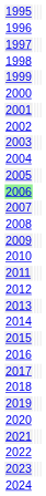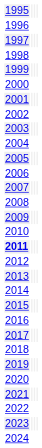 <table>
 <tr bgcolor="#EFEFEF">
 <td><a href='#'>1995</a></td>
 <td></td>
 <td></td>
 <td></td>
 </tr>
 <tr>
 <td><a href='#'>1996</a></td>
 <td></td>
 <td></td>
 <td></td>
 </tr>
 <tr bgcolor="#EFEFEF">
 <td><a href='#'>1997</a></td>
 <td></td>
 <td></td>
 <td></td>
 </tr>
 <tr>
 <td><a href='#'>1998</a></td>
 <td></td>
 <td></td>
 <td></td>
 </tr>
 <tr bgcolor="#EFEFEF">
 <td><a href='#'>1999</a></td>
 <td></td>
 <td></td>
 <td></td>
 </tr>
 <tr>
 <td><a href='#'>2000</a></td>
 <td></td>
 <td></td>
 <td></td>
 </tr>
 <tr bgcolor="#EFEFEF">
 <td><a href='#'>2001</a></td>
 <td></td>
 <td></td>
 <td></td>
 </tr>
 <tr>
 <td><a href='#'>2002</a></td>
 <td></td>
 <td></td>
 <td></td>
 </tr>
 <tr bgcolor="#EFEFEF">
 <td><a href='#'>2003</a></td>
 <td></td>
 <td></td>
 <td></td>
 </tr>
 <tr>
 <td><a href='#'>2004</a></td>
 <td></td>
 <td></td>
 <td></td>
 </tr>
 <tr bgcolor="#EFEFEF">
 <td><a href='#'>2005</a></td>
 <td></td>
 <td></td>
 <td></td>
 </tr>
 <tr>
-<td style="background: lightgreen;"><a href='#'>2006</a></td>
+<td><a href='#'>2006</a></td>
 <td></td>
 <td></td>
 <td></td>
 </tr>
 <tr bgcolor="#EFEFEF">
 <td><a href='#'>2007</a></td>
 <td></td>
 <td></td>
 <td></td>
 </tr>
 <tr>
 <td><a href='#'>2008</a></td>
 <td></td>
 <td></td>
 <td></td>
 </tr>
 <tr bgcolor="#EFEFEF">
 <td><a href='#'>2009</a></td>
 <td></td>
 <td></td>
 <td></td>
 </tr>
 <tr>
 <td><a href='#'>2010</a></td>
 <td></td>
 <td></td>
 <td></td>
 </tr>
 <tr bgcolor="#EFEFEF">
-<td><a href='#'>2011</a></td>
+<td><strong><a href='#'>2011</a></strong></td>
 <td></td>
 <td></td>
 <td></td>
 </tr>
 <tr>
 <td><a href='#'>2012</a></td>
 <td></td>
 <td></td>
 <td></td>
 </tr>
 <tr bgcolor="#EFEFEF">
 <td><a href='#'>2013</a></td>
 <td></td>
 <td></td>
 <td></td>
 </tr>
 <tr>
 <td><a href='#'>2014</a></td>
 <td></td>
 <td></td>
 <td></td>
 </tr>
 <tr bgcolor="#EFEFEF">
 <td><a href='#'>2015</a></td>
 <td></td>
 <td></td>
 <td></td>
 </tr>
 <tr>
 <td><a href='#'>2016</a></td>
 <td></td>
 <td></td>
 <td></td>
 </tr>
 <tr bgcolor="#EFEFEF">
 <td><a href='#'>2017</a></td>
 <td></td>
 <td></td>
 <td></td>
 </tr>
 <tr>
 <td><a href='#'>2018</a></td>
 <td></td>
 <td></td>
 <td></td>
 </tr>
 <tr bgcolor="#EFEFEF">
 <td><a href='#'>2019</a></td>
 <td></td>
 <td></td>
 <td></td>
 </tr>
 <tr>
 <td><a href='#'>2020</a></td>
 <td></td>
 <td></td>
 <td></td>
 </tr>
 <tr bgcolor="#EFEFEF">
 <td><a href='#'>2021</a></td>
 <td></td>
 <td></td>
 <td></td>
 </tr>
 <tr>
 <td><a href='#'>2022</a></td>
 <td></td>
 <td></td>
 <td></td>
 </tr>
 <tr bgcolor="#EFEFEF">
 <td><a href='#'>2023</a></td>
 <td></td>
 <td></td>
 <td></td>
 </tr>
 <tr>
 <td><a href='#'>2024</a></td>
 <td></td>
 <td></td>
 <td></td>
 </tr>
 </table>
